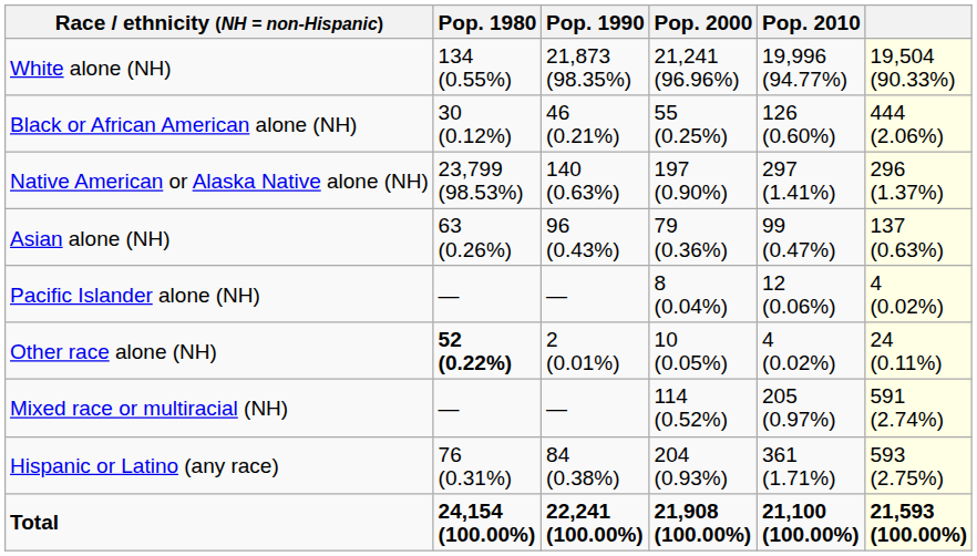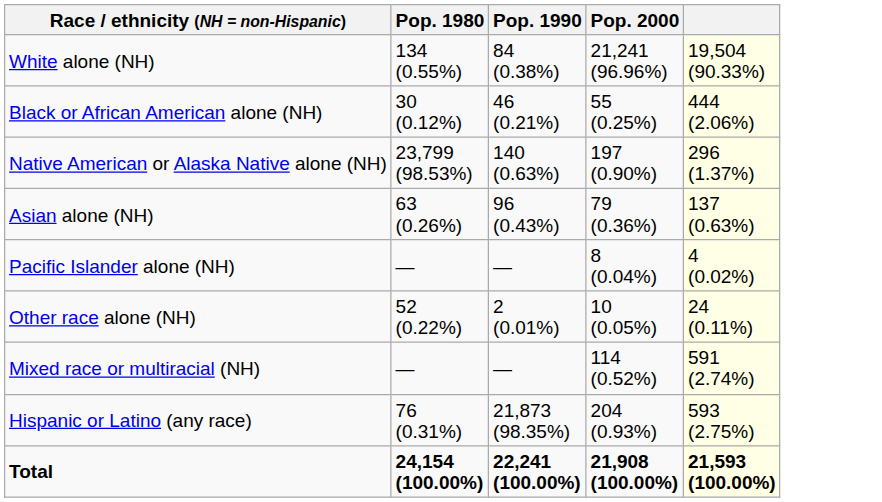 <table class="wikitable sortable collapsible" style="font-size: 95%;">
 <tr>
 <th>Race / ethnicity <small>(<em>NH = non-Hispanic</em>)</small></th>
 <th>Pop. 1980</th>
 <th>Pop. 1990</th>
 <th>Pop. 2000</th>
-<th>Pop. 2010</th>
 <th></th>
 </tr>
 <tr>
 <td><a href='#'>White</a> alone (NH)</td>
 <td>134<br>(0.55%)</td>
-<td>21,873<br>(98.35%)</td>
+<td>84<br>(0.38%)</td>
 <td>21,241<br>(96.96%)</td>
-<td>19,996<br>(94.77%)</td>
 <td style='background: #ffffe6;'>19,504<br>(90.33%)</td>
 </tr>
 <tr>
 <td><a href='#'>Black or African American</a> alone (NH)</td>
 <td>30<br>(0.12%)</td>
 <td>46<br>(0.21%)</td>
 <td>55<br>(0.25%)</td>
-<td>126<br>(0.60%)</td>
 <td style='background: #ffffe6;'>444<br>(2.06%)</td>
 </tr>
 <tr>
 <td><a href='#'>Native American</a> or <a href='#'>Alaska Native</a> alone (NH)</td>
 <td>23,799<br>(98.53%)</td>
 <td>140<br>(0.63%)</td>
 <td>197<br>(0.90%)</td>
-<td>297<br>(1.41%)</td>
 <td style='background: #ffffe6;'>296<br>(1.37%)</td>
 </tr>
 <tr>
 <td><a href='#'>Asian</a> alone (NH)</td>
 <td>63<br>(0.26%)</td>
 <td>96<br>(0.43%)</td>
 <td>79<br>(0.36%)</td>
-<td>99<br>(0.47%)</td>
 <td style='background: #ffffe6;'>137<br>(0.63%)</td>
 </tr>
 <tr>
 <td><a href='#'>Pacific Islander</a> alone (NH)</td>
 <td>—</td>
 <td>—</td>
 <td>8<br>(0.04%)</td>
-<td>12<br>(0.06%)</td>
 <td style='background: #ffffe6;'>4<br>(0.02%)</td>
 </tr>
 <tr>
 <td><a href='#'>Other race</a> alone (NH)</td>
-<td><strong>52<br>(0.22%)</strong></td>
+<td>52<br>(0.22%)</td>
 <td>2<br>(0.01%)</td>
 <td>10<br>(0.05%)</td>
-<td>4<br>(0.02%)</td>
 <td style='background: #ffffe6;'>24<br>(0.11%)</td>
 </tr>
 <tr>
 <td><a href='#'>Mixed race or multiracial</a> (NH)</td>
 <td>—</td>
 <td>—</td>
 <td>114<br>(0.52%)</td>
-<td>205<br>(0.97%)</td>
 <td style='background: #ffffe6;'>591<br>(2.74%)</td>
 </tr>
 <tr>
 <td><a href='#'>Hispanic or Latino</a> (any race)</td>
 <td>76<br>(0.31%)</td>
-<td>84<br>(0.38%)</td>
+<td>21,873<br>(98.35%)</td>
 <td>204<br>(0.93%)</td>
-<td>361<br>(1.71%)</td>
 <td style='background: #ffffe6;'>593<br>(2.75%)</td>
 </tr>
 <tr>
 <td><strong>Total</strong></td>
 <td><strong>24,154<br>(100.00%)</strong></td>
 <td><strong>22,241<br>(100.00%)</strong></td>
 <td><strong>21,908<br>(100.00%)</strong></td>
-<td><strong>21,100<br>(100.00%)</strong></td>
 <td style='background: #ffffe6;'><strong>21,593<br>(100.00%)</strong></td>
 </tr>
 </table>
